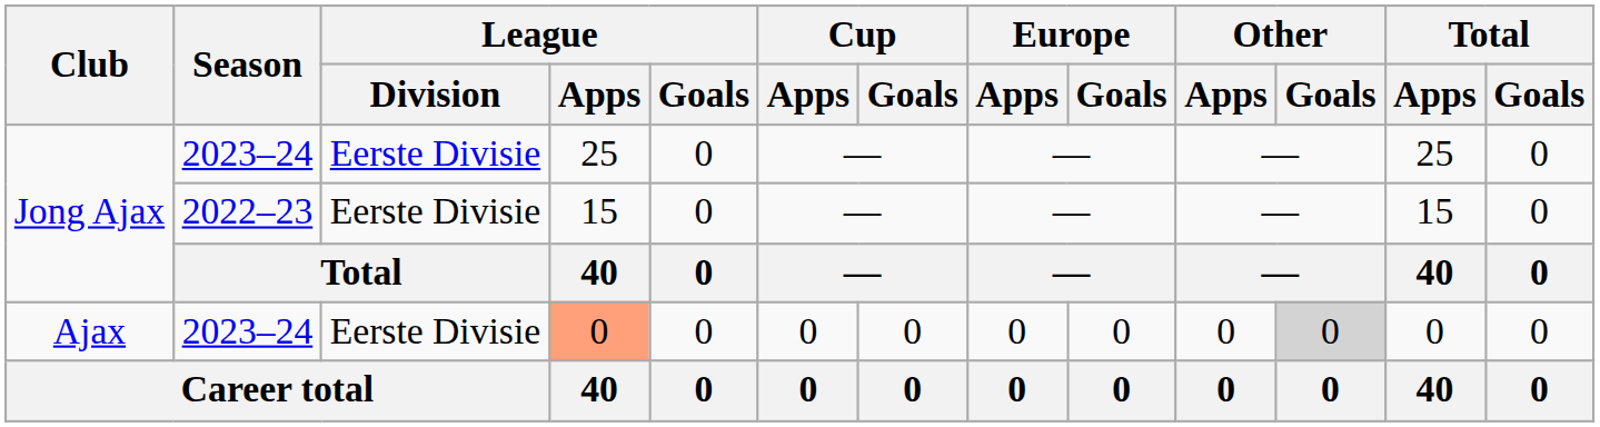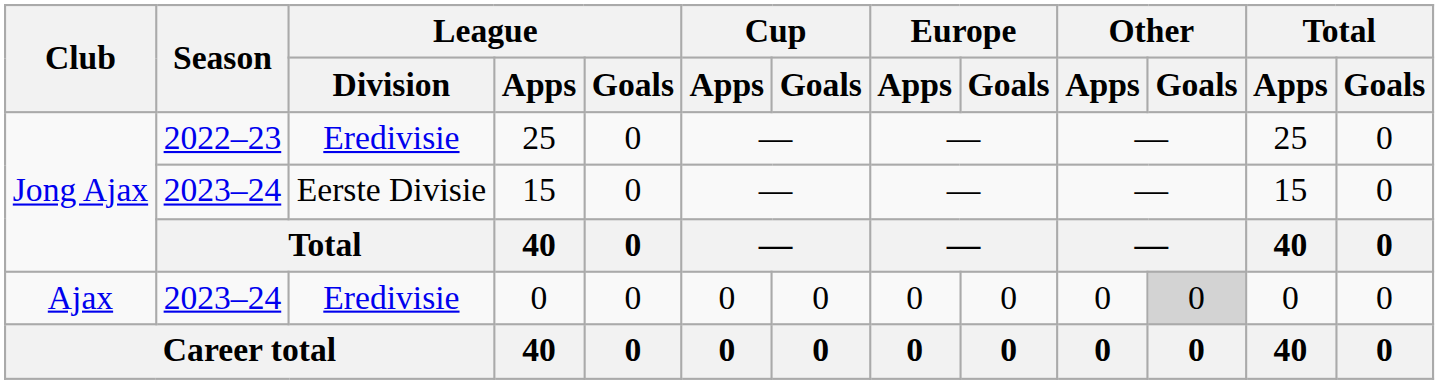 <table class="wikitable" style="text-align: center">
 <tr>
 <th rowspan="2">Club</th>
 <th rowspan="2">Season</th>
 <th colspan="3">League</th>
 <th colspan="2">Cup</th>
 <th colspan="2">Europe</th>
 <th colspan="2">Other</th>
 <th colspan="2">Total</th>
 </tr>
 <tr>
 <th>Division</th>
 <th>Apps</th>
 <th>Goals</th>
 <th>Apps</th>
 <th>Goals</th>
 <th>Apps</th>
 <th>Goals</th>
 <th>Apps</th>
 <th>Goals</th>
 <th>Apps</th>
 <th>Goals</th>
 </tr>
 <tr>
 <td rowspan="3"><a href='#'>Jong Ajax</a></td>
-<td><a href='#'>2023–24</a></td>
-<td><a href='#'>Eerste Divisie</a></td>
+<td><a href='#'>2022–23</a></td>
+<td><a href='#'>Eredivisie</a></td>
 <td>25</td>
 <td>0</td>
 <td colspan="2">—</td>
 <td colspan="2">—</td>
 <td colspan="2">—</td>
 <td>25</td>
 <td>0</td>
 </tr>
 <tr>
-<td><a href='#'>2022–23</a></td>
+<td><a href='#'>2023–24</a></td>
 <td>Eerste Divisie</td>
 <td>15</td>
 <td>0</td>
 <td colspan="2">—</td>
 <td colspan="2">—</td>
 <td colspan="2">—</td>
 <td>15</td>
 <td>0</td>
 </tr>
 <tr>
 <th colspan="2">Total</th>
 <th>40</th>
 <th>0</th>
 <th colspan="2">—</th>
 <th colspan="2">—</th>
 <th colspan="2">—</th>
 <th>40</th>
 <th>0</th>
 </tr>
 <tr>
 <td><a href='#'>Ajax</a></td>
 <td><a href='#'>2023–24</a></td>
-<td>Eerste Divisie</td>
-<td style="background: lightsalmon;">0</td>
+<td><a href='#'>Eredivisie</a></td>
+<td>0</td>
 <td>0</td>
 <td>0</td>
 <td>0</td>
 <td>0</td>
 <td>0</td>
 <td>0</td>
 <td style="background: lightgrey;">0</td>
 <td>0</td>
 <td>0</td>
 </tr>
 <tr>
 <th colspan="3">Career total</th>
 <th>40</th>
 <th>0</th>
 <th>0</th>
 <th>0</th>
 <th>0</th>
 <th>0</th>
 <th>0</th>
 <th>0</th>
 <th>40</th>
 <th>0</th>
 </tr>
 </table>
